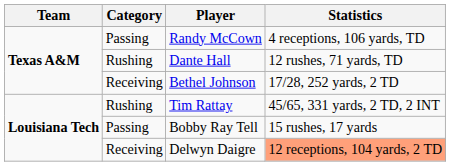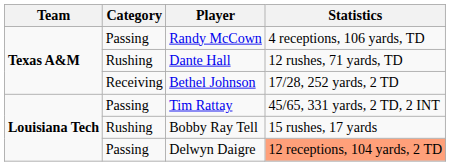 <table class="wikitable" style="float: right;">
 <tr>
 <th>Team</th>
 <th>Category</th>
 <th>Player</th>
 <th>Statistics</th>
 </tr>
 <tr>
 <td rowspan=3><strong>Texas A&M</strong></td>
 <td>Passing</td>
 <td><a href='#'>Randy McCown</a></td>
 <td>4 receptions, 106 yards, TD</td>
 </tr>
 <tr>
 <td>Rushing</td>
 <td><a href='#'>Dante Hall</a></td>
 <td>12 rushes, 71 yards, TD</td>
 </tr>
 <tr>
 <td>Receiving</td>
 <td><a href='#'>Bethel Johnson</a></td>
 <td>17/28, 252 yards, 2 TD</td>
 </tr>
 <tr>
 <td rowspan=3><strong>Louisiana Tech</strong></td>
-<td>Rushing</td>
+<td>Passing</td>
 <td><a href='#'>Tim Rattay</a></td>
 <td>45/65, 331 yards, 2 TD, 2 INT</td>
 </tr>
 <tr>
-<td>Passing</td>
+<td>Rushing</td>
 <td>Bobby Ray Tell</td>
 <td>15 rushes, 17 yards</td>
 </tr>
 <tr>
-<td>Receiving</td>
+<td>Passing</td>
 <td>Delwyn Daigre</td>
 <td style="background: lightsalmon;">12 receptions, 104 yards, 2 TD</td>
 </tr>
 </table>
